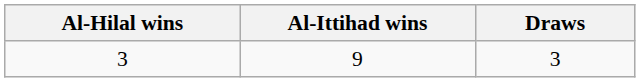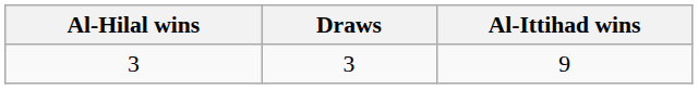 <table class="wikitable" style="font-size:90%">
 <tr>
 <th width=150>Al-Hilal wins</th>
+<th width=100>Draws</th>
 <th width=150>Al-Ittihad wins</th>
-<th width=100>Draws</th>
 </tr>
 <tr>
 <td align="center">3</td>
+<td align="center">3</td>
 <td align="center">9</td>
-<td align="center">3</td>
 </tr>
 </table>
